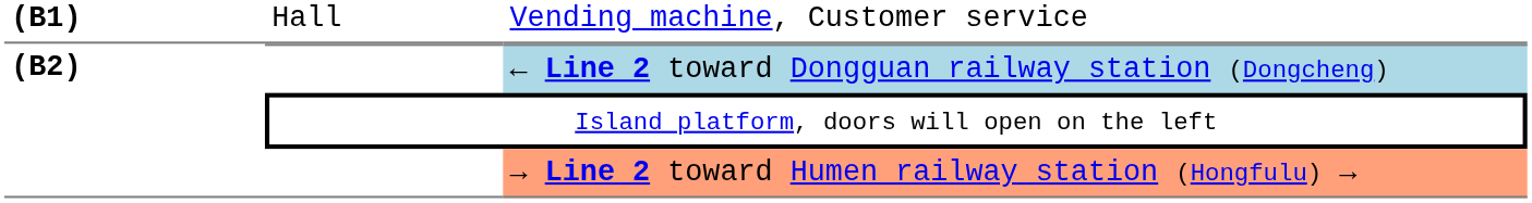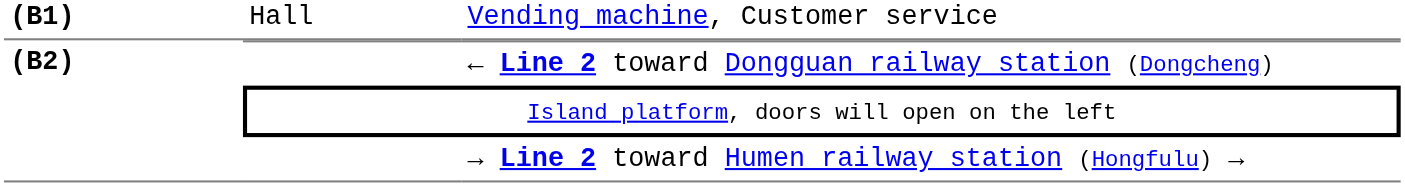 <table table border=0 cellspacing=0 cellpadding=3>
 <tr>
 <td style="border-bottom:solid 1px gray;border-top:solid 0px gray;" width=110 valign=top><strong>(B1)</strong></td>
 <td style="border-top:solid 0px gray;border-bottom:solid 1px gray;" width=100 valign=top>Hall</td>
 <td style="border-top:solid 0px gray;border-bottom:solid 1px gray;" width=390 valign=top><a href='#'>Vending machine</a>, Customer service</td>
 </tr>
 <tr>
 <td style="border-top:solid 0px gray;border-bottom:solid 1px gray;" width=110 rowspan=3 valign=top><strong>(B2)</strong></td>
 <td style="border-top:solid 1px gray;" width=100><span></span></td>
-<td style="background: lightblue; border-top:solid 1px gray;" width=450>← <a href='#'><span><strong>Line 2</strong></span></a> toward <a href='#'>Dongguan railway station</a> <small>(<a href='#'>Dongcheng</a>)</small></td>
+<td style="border-top:solid 1px gray;" width=450>← <a href='#'><span><strong>Line 2</strong></span></a> toward <a href='#'>Dongguan railway station</a> <small>(<a href='#'>Dongcheng</a>)</small></td>
 </tr>
 <tr>
 <td style="border-top:solid 2px black;border-right:solid 2px black;border-left:solid 2px black;border-bottom:solid 2px black;text-align:center;" colspan=2><small><a href='#'>Island platform</a>, doors will open on the left</small></td>
 </tr>
 <tr>
 <td style="border-bottom:solid 1px gray;" width=100><span></span></td>
-<td style="background: lightsalmon; border-bottom:solid 1px gray;" width=390><span>→</span> <a href='#'><span><strong>Line 2</strong></span></a> toward <a href='#'>Humen railway station</a> <small>(<a href='#'>Hongfulu</a>)</small> →</td>
+<td style="border-bottom:solid 1px gray;" width=390><span>→</span> <a href='#'><span><strong>Line 2</strong></span></a> toward <a href='#'>Humen railway station</a> <small>(<a href='#'>Hongfulu</a>)</small> →</td>
 </tr>
 </table>
